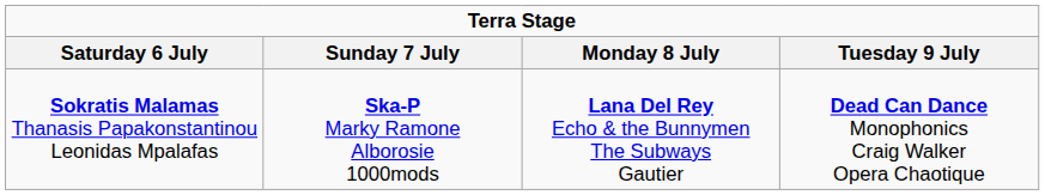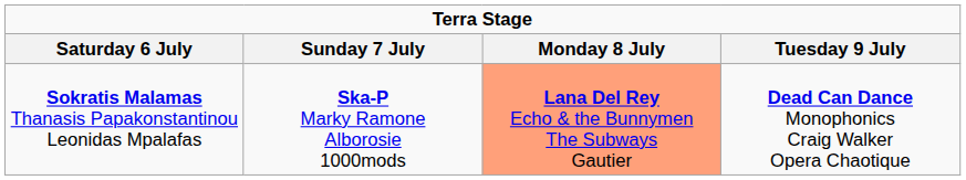 <table class="wikitable">
 <tr>
 <td colspan="4" align="center"><strong>Terra Stage</strong></td>
 </tr>
 <tr>
 <th>Saturday 6 July</th>
 <th>Sunday 7 July</th>
 <th>Monday 8 July</th>
 <th>Tuesday 9 July</th>
 </tr>
 <tr>
 <td valign="top" align="center" width=200><br><strong><a href='#'>Sokratis Malamas</a></strong> <br><a href='#'>Thanasis Papakonstantinou</a> <br>Leonidas Mpalafas</td>
 <td valign="top" align="center" width=200><br><strong><a href='#'>Ska-P</a></strong> <br><a href='#'>Marky Ramone</a> <br><a href='#'>Alborosie</a> <br>1000mods</td>
-<td valign="top" align="center" width=200><br><strong><a href='#'>Lana Del Rey</a></strong> <br><a href='#'>Echo & the Bunnymen</a> <br><a href='#'>The Subways</a> <br>Gautier</td>
+<td valign="top" align="center" width=200 style="background: lightsalmon;"><br><strong><a href='#'>Lana Del Rey</a></strong> <br><a href='#'>Echo & the Bunnymen</a> <br><a href='#'>The Subways</a> <br>Gautier</td>
 <td valign="top" align="center" width=200><br><strong><a href='#'>Dead Can Dance</a></strong> <br>Monophonics <br>Craig Walker <br>Opera Chaotique</td>
 </tr>
 </table>
